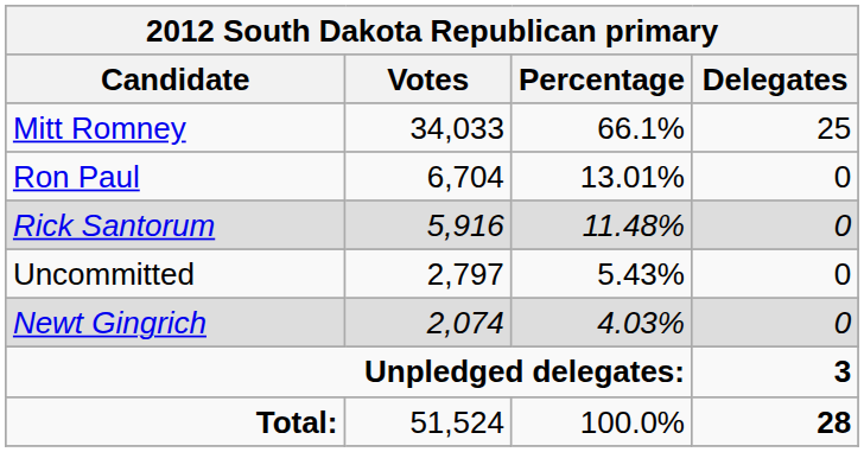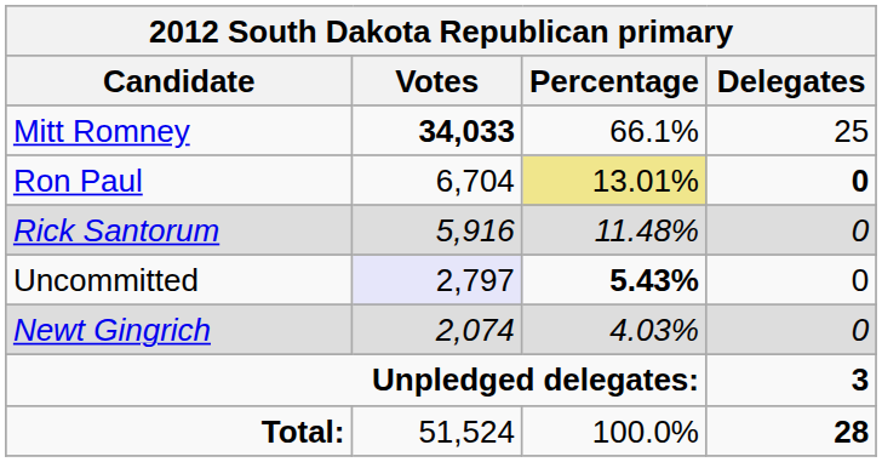 <table class="wikitable" style="font-size:95%;">
 <tr>
 <th colspan="4">2012 South Dakota Republican primary</th>
 </tr>
 <tr>
 <th rowspan="1" width="160px">Candidate</th>
 <th rowspan="1" width="75px">Votes</th>
 <th rowspan="1" width="75px">Percentage</th>
 <th rowspan="1" width="75px">Delegates</th>
 </tr>
 <tr align="right" >
 <td align="left"><a href='#'>Mitt Romney</a></td>
-<td>34,033</td>
+<td><strong>34,033</strong></td>
 <td>66.1%</td>
 <td>25</td>
 </tr>
 <tr align="right">
 <td align="left"><a href='#'>Ron Paul</a></td>
 <td>6,704</td>
-<td>13.01%</td>
-<td>0</td>
+<td style="background: khaki;">13.01%</td>
+<td><strong>0</strong></td>
 </tr>
 <tr align="right" bgcolor="DDDDDD">
 <td align="left"><em><a href='#'>Rick Santorum</a></em></td>
 <td><em>5,916</em></td>
 <td><em>11.48%</em></td>
 <td><em>0</em></td>
 </tr>
 <tr align="right">
 <td align="left">Uncommitted</td>
-<td>2,797</td>
-<td>5.43%</td>
+<td style="background: lavender;">2,797</td>
+<td><strong>5.43%</strong></td>
 <td>0</td>
 </tr>
 <tr align="right" bgcolor="DDDDDD">
 <td align="left"><em><a href='#'>Newt Gingrich</a></em></td>
 <td><em>2,074</em></td>
 <td><em>4.03%</em></td>
 <td><em>0</em></td>
 </tr>
 <tr align="right">
 <td colspan="3"><strong>Unpledged delegates:</strong></td>
 <td><strong>3</strong></td>
 </tr>
 <tr align="right">
 <td><strong>Total:</strong></td>
 <td>51,524</td>
 <td>100.0%</td>
 <td><strong>28</strong></td>
 </tr>
 </table>
